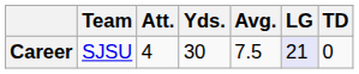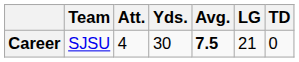 <table class="wikitable">
 <tr>
 <th></th>
 <th>Team</th>
 <th>Att.</th>
 <th>Yds.</th>
 <th>Avg.</th>
 <th>LG</th>
 <th>TD</th>
 </tr>
 <tr>
 <th>Career</th>
 <td><a href='#'>SJSU</a></td>
 <td>4</td>
 <td>30</td>
-<td>7.5</td>
-<td style="background: lavender;">21</td>
+<td><strong>7.5</strong></td>
+<td>21</td>
 <td>0</td>
 </tr>
 </table>
